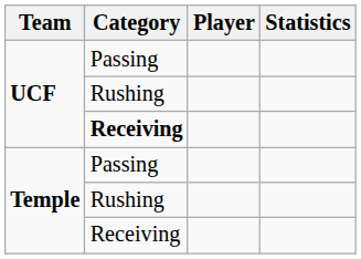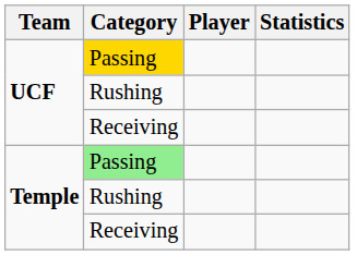 <table class="wikitable" style="float: left;">
 <tr>
 <th>Team</th>
 <th>Category</th>
 <th>Player</th>
 <th>Statistics</th>
 </tr>
 <tr>
 <td rowspan=3><strong>UCF</strong></td>
-<td>Passing</td>
+<td style="background: gold;">Passing</td>
 <td> </td>
 <td> </td>
 </tr>
 <tr>
 <td>Rushing</td>
 <td> </td>
 <td> </td>
 </tr>
 <tr>
-<td><strong>Receiving</strong></td>
+<td>Receiving</td>
 <td> </td>
 <td> </td>
 </tr>
 <tr>
 <td rowspan=3><strong>Temple</strong></td>
-<td>Passing</td>
+<td style="background: lightgreen;">Passing</td>
 <td> </td>
 <td> </td>
 </tr>
 <tr>
 <td>Rushing</td>
 <td> </td>
 <td> </td>
 </tr>
 <tr>
 <td>Receiving</td>
 <td> </td>
 <td> </td>
 </tr>
 </table>
